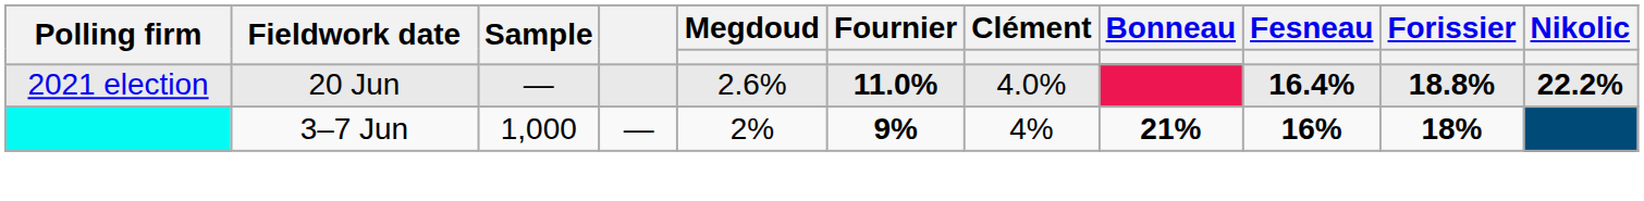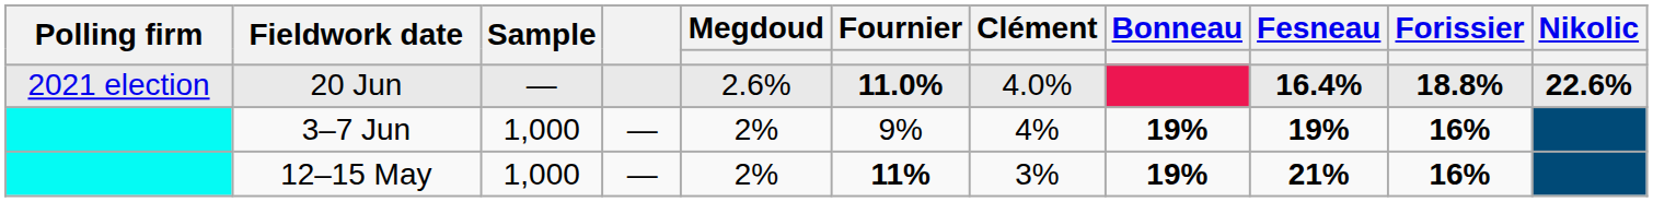 <table class="wikitable" style="text-align:center;font-size:90%;line-height:14px;">
 <tr>
 <th rowspan="2" style="width:100px;">Polling firm</th>
 <th rowspan="2" style="width:110px;">Fieldwork date</th>
 <th rowspan="2" style="width:35px;">Sample</th>
 <th rowspan="2" style="width:30px;"></th>
 <th>Megdoud<br></th>
 <th>Fournier<br></th>
 <th>Clément<br></th>
 <th><a href='#'>Bonneau</a><br></th>
 <th><a href='#'>Fesneau</a><br></th>
 <th><a href='#'>Forissier</a><br></th>
 <th><a href='#'>Nikolic</a><br></th>
 </tr>
 <tr>
 <th style="background:"></th>
 <th style="background:"></th>
 <th style="background:"></th>
 <th style="background:"></th>
 <th style="background:"></th>
 <th style="background:"></th>
 <th style="background:"></th>
 </tr>
 <tr style="background:#E9E9E9;">
 <td><a href='#'>2021 election</a></td>
 <td data-sort-value="2021-06-20">20 Jun</td>
 <td>—</td>
 <td></td>
 <td>2.6%</td>
 <td><strong>11.0%</strong></td>
 <td>4.0%</td>
 <td style="background:#ED1651;"></td>
 <td><strong>16.4%</strong></td>
 <td><strong>18.8%</strong></td>
-<td><strong>22.2%</strong></td>
+<td><strong>22.6%</strong></td>
 </tr>
 <tr>
 <td style="background:#04FBF4;"></td>
 <td data-sort-value="2021-06-07">3–7 Jun</td>
 <td>1,000</td>
 <td>—</td>
 <td>2%</td>
-<td><strong>9%</strong></td>
+<td>9%</td>
 <td>4%</td>
+<td><strong>19%</strong></td>
+<td><strong>19%</strong></td>
+<td><strong>16%</strong></td>
+<td style="background:#004A77;"></td>
+</tr>
+<tr>
+<td style="background:#04FBF4;"></td>
+<td data-sort-value="2021-05-10">12–15 May</td>
+<td>1,000</td>
+<td>—</td>
+<td>2%</td>
+<td><strong>11%</strong></td>
+<td>3%</td>
+<td><strong>19%</strong></td>
 <td><strong>21%</strong></td>
 <td><strong>16%</strong></td>
-<td><strong>18%</strong></td>
 <td style="background:#004A77;"></td>
 </tr>
 </table>
